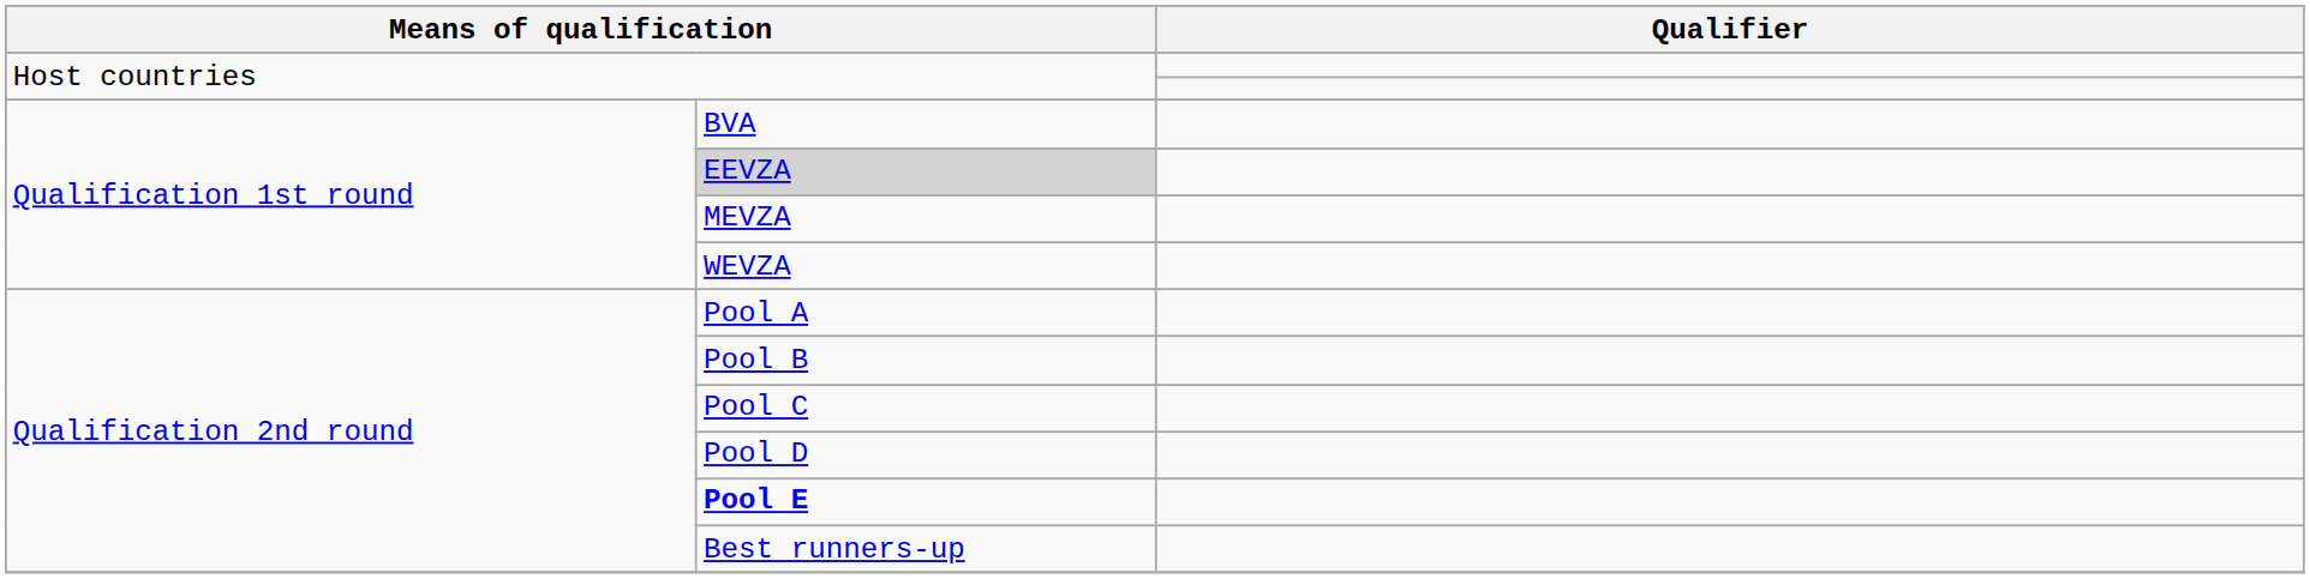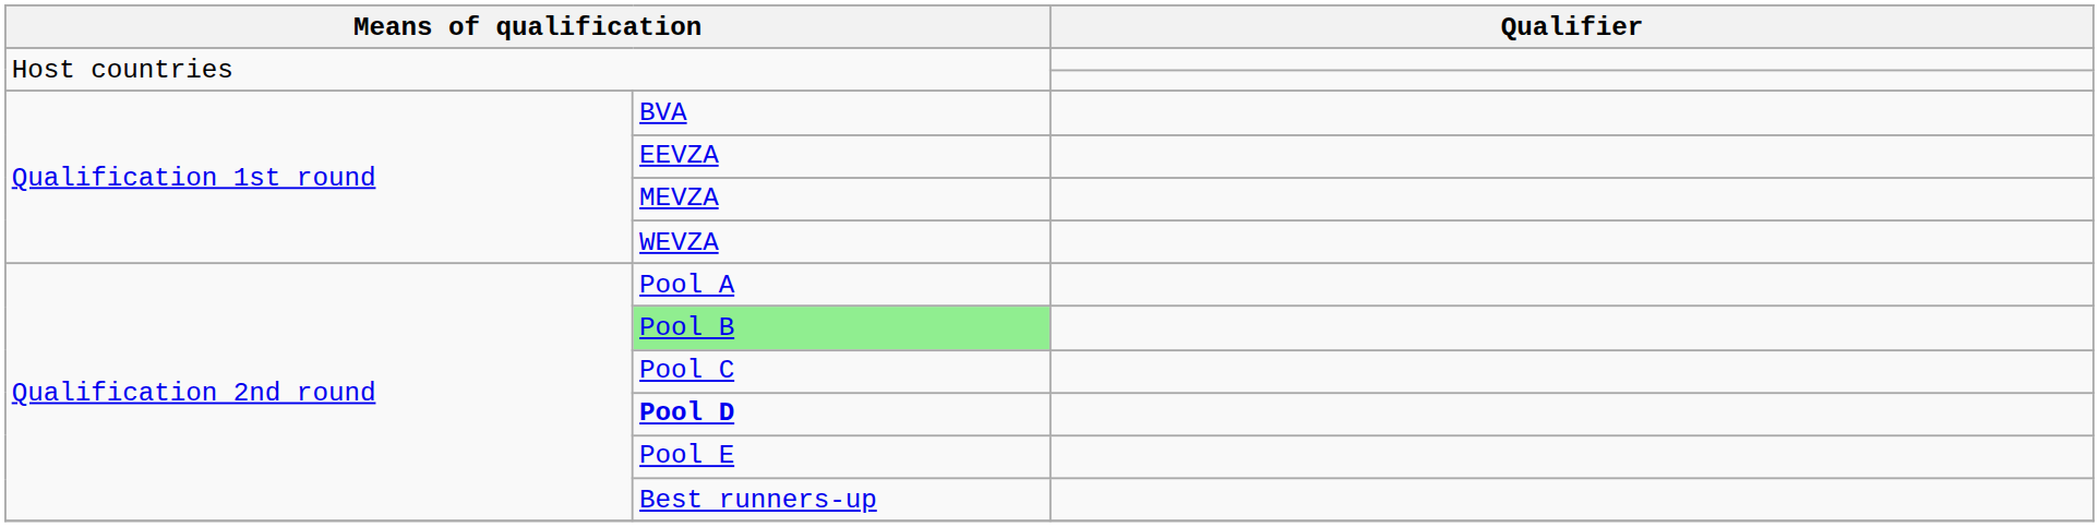 <table class="wikitable">
 <tr>
 <th colspan=2 width=30%>Means of qualification</th>
 <th width=30%>Qualifier</th>
 </tr>
 <tr>
 <td colspan=2 rowspan=2>Host countries</td>
 <td></td>
 </tr>
 <tr>
 <td></td>
 </tr>
 <tr>
 <td rowspan=4><a href='#'>Qualification 1st round</a></td>
 <td><a href='#'>BVA</a></td>
 <td></td>
 </tr>
 <tr>
-<td style="background: lightgrey;"><a href='#'>EEVZA</a></td>
+<td><a href='#'>EEVZA</a></td>
 <td></td>
 </tr>
 <tr>
 <td><a href='#'>MEVZA</a></td>
 <td></td>
 </tr>
 <tr>
 <td><a href='#'>WEVZA</a></td>
 <td></td>
 </tr>
 <tr>
 <td rowspan=6><a href='#'>Qualification 2nd round</a></td>
 <td><a href='#'>Pool A</a></td>
 <td></td>
 </tr>
 <tr>
-<td><a href='#'>Pool B</a></td>
+<td style="background: lightgreen;"><a href='#'>Pool B</a></td>
 <td></td>
 </tr>
 <tr>
 <td><a href='#'>Pool C</a></td>
 <td></td>
 </tr>
 <tr>
-<td><a href='#'>Pool D</a></td>
+<td><strong><a href='#'>Pool D</a></strong></td>
 <td></td>
 </tr>
 <tr>
-<td><strong><a href='#'>Pool E</a></strong></td>
+<td><a href='#'>Pool E</a></td>
 <td></td>
 </tr>
 <tr>
 <td><a href='#'>Best runners-up</a></td>
 <td></td>
 </tr>
 <tr>
 </tr>
 </table>
